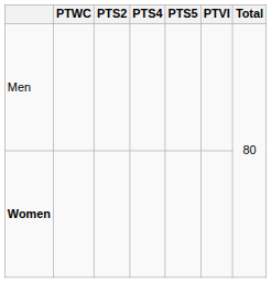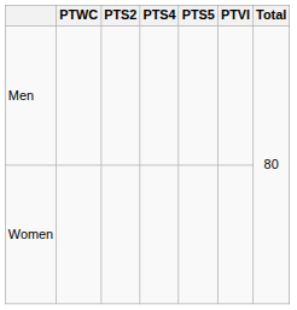 <table class="wikitable">
 <tr>
 <th></th>
 <th>PTWC</th>
 <th>PTS2</th>
 <th>PTS4</th>
 <th>PTS5</th>
 <th>PTVI</th>
 <th>Total</th>
 </tr>
 <tr>
 <td>Men</td>
 <td><br><br><br><br><br><br><br></td>
 <td></td>
 <td><br><br><br><br><br><br><br><br><br></td>
 <td><br><br><br><br><br><br><br><br><br></td>
 <td><br><br><br><br><br><br><br><br></td>
 <td align=center rowspan=2>80</td>
 </tr>
 <tr>
-<td><strong>Women</strong></td>
+<td>Women</td>
 <td><br><br><br><br><br><br><br><br><br></td>
 <td><br><br><br><br><br><br><br><br></td>
 <td></td>
 <td><br><br><br><br><br><br><br><br><br></td>
 <td><br><br><br><br><br><br><br><br><br></td>
 </tr>
 </table>
